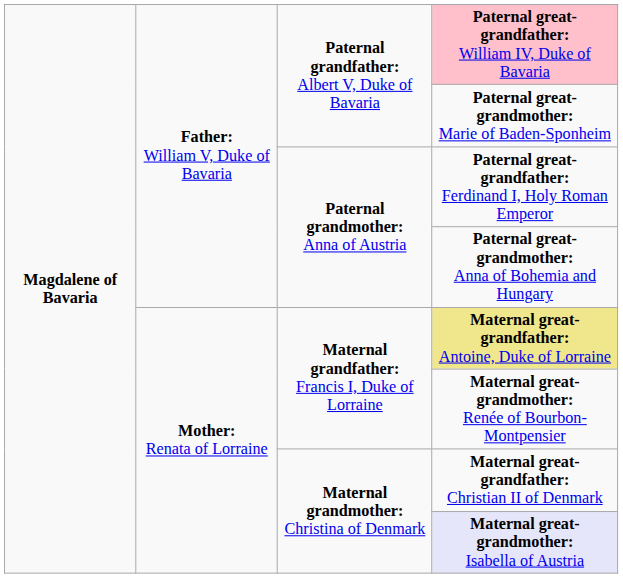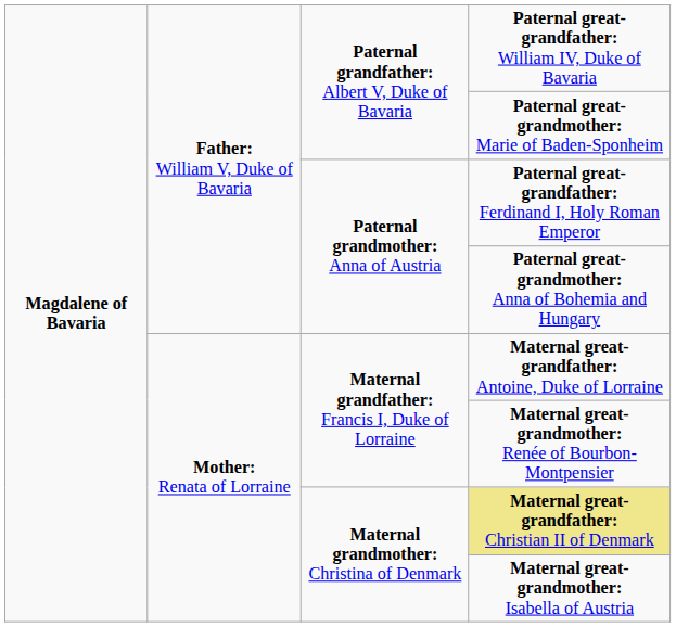 <table class="wikitable">
 <tr>
 </tr>
 <tr>
 <td rowspan="8" align="center"><strong>Magdalene of Bavaria</strong></td>
 <td rowspan="4" align="center"><strong>Father:</strong><br><a href='#'>William V, Duke of Bavaria</a></td>
 <td rowspan="2" align="center"><strong>Paternal grandfather:</strong><br><a href='#'>Albert V, Duke of Bavaria</a></td>
-<td align="center" style="background: pink;"><strong>Paternal great-grandfather:</strong><br><a href='#'>William IV, Duke of Bavaria</a></td>
+<td align="center"><strong>Paternal great-grandfather:</strong><br><a href='#'>William IV, Duke of Bavaria</a></td>
 </tr>
 <tr>
 <td align="center"><strong>Paternal great-grandmother:</strong><br><a href='#'>Marie of Baden-Sponheim</a></td>
 </tr>
 <tr>
 <td rowspan="2" align="center"><strong>Paternal grandmother:</strong><br><a href='#'>Anna of Austria</a></td>
 <td align="center"><strong>Paternal great-grandfather:</strong><br><a href='#'>Ferdinand I, Holy Roman Emperor</a></td>
 </tr>
 <tr>
 <td align="center"><strong>Paternal great-grandmother:</strong><br><a href='#'>Anna of Bohemia and Hungary</a></td>
 </tr>
 <tr>
 <td rowspan="4" align="center"><strong>Mother:</strong><br><a href='#'>Renata of Lorraine</a></td>
 <td rowspan="2" align="center"><strong>Maternal grandfather:</strong><br><a href='#'>Francis I, Duke of Lorraine</a></td>
-<td align="center" style="background: khaki;"><strong>Maternal great-grandfather:</strong><br><a href='#'>Antoine, Duke of Lorraine</a></td>
+<td align="center"><strong>Maternal great-grandfather:</strong><br><a href='#'>Antoine, Duke of Lorraine</a></td>
 </tr>
 <tr>
 <td align="center"><strong>Maternal great-grandmother:</strong><br><a href='#'>Renée of Bourbon-Montpensier</a></td>
 </tr>
 <tr>
 <td rowspan="2" align="center"><strong>Maternal grandmother:</strong><br><a href='#'>Christina of Denmark</a></td>
-<td align="center"><strong>Maternal great-grandfather:</strong><br><a href='#'>Christian II of Denmark</a></td>
+<td align="center" style="background: khaki;"><strong>Maternal great-grandfather:</strong><br><a href='#'>Christian II of Denmark</a></td>
 </tr>
 <tr>
-<td align="center" style="background: lavender;"><strong>Maternal great-grandmother:</strong><br><a href='#'>Isabella of Austria</a></td>
+<td align="center"><strong>Maternal great-grandmother:</strong><br><a href='#'>Isabella of Austria</a></td>
 </tr>
 </table>
